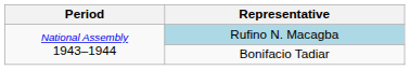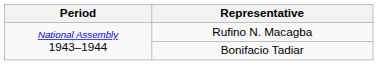 <table class="wikitable" style="text-align:center; width:40%;">
 <tr>
 <th width="40%">Period</th>
 <th>Representative</th>
 </tr>
 <tr>
 <td rowspan="2"><small><a href='#'><em>National Assembly</em></a></small><br>1943–1944</td>
-<td style="background: lightblue;">Rufino N. Macagba</td>
+<td>Rufino N. Macagba</td>
 </tr>
 <tr>
 <td>Bonifacio Tadiar</td>
 </tr>
 </table>
